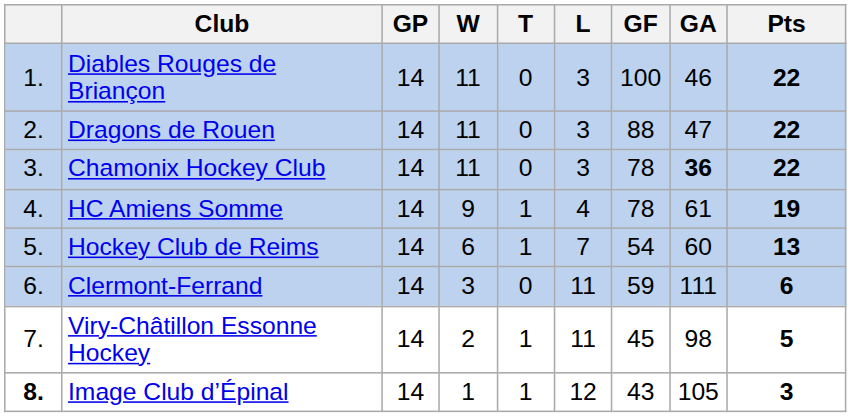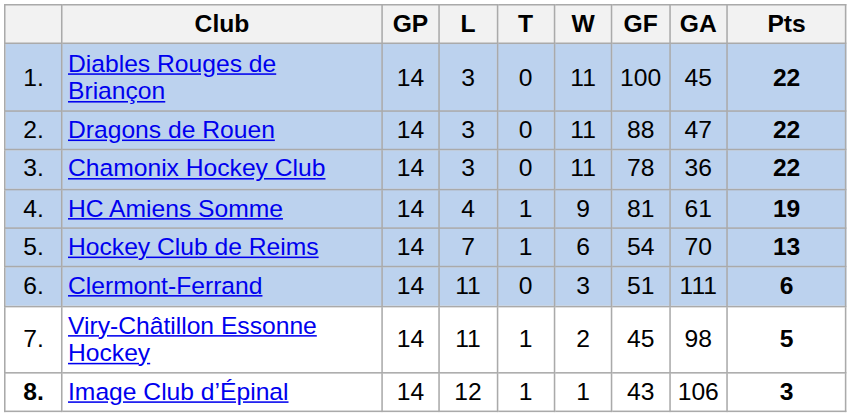 <table class="wikitable">
 <tr>
 <th width="30"></th>
 <th width="200">Club</th>
 <th width="30">GP</th>
+<th width="30">L</th>
+<th width="30">T</th>
 <th width="30">W</th>
-<th width="30">T</th>
-<th width="30">L</th>
 <th width="30">GF</th>
 <th width="30">GA</th>
 <th width="70">Pts</th>
 </tr>
 <tr bgcolor="#BCD2EE" align="center">
 <td>1.</td>
 <td align="left"><a href='#'>Diables Rouges de Briançon</a></td>
 <td>14</td>
+<td>3</td>
+<td>0</td>
 <td>11</td>
-<td>0</td>
-<td>3</td>
 <td>100</td>
-<td>46</td>
+<td>45</td>
 <td><strong>22</strong></td>
 </tr>
 <tr bgcolor="#BCD2EE" align="center">
 <td>2.</td>
 <td align="left"><a href='#'>Dragons de Rouen</a></td>
 <td>14</td>
+<td>3</td>
+<td>0</td>
 <td>11</td>
-<td>0</td>
-<td>3</td>
 <td>88</td>
 <td>47</td>
 <td><strong>22</strong></td>
 </tr>
 <tr bgcolor="#BCD2EE" align="center">
 <td>3.</td>
 <td align="left"><a href='#'>Chamonix Hockey Club</a></td>
 <td>14</td>
+<td>3</td>
+<td>0</td>
 <td>11</td>
-<td>0</td>
-<td>3</td>
 <td>78</td>
-<td><strong>36</strong></td>
+<td>36</td>
 <td><strong>22</strong></td>
 </tr>
 <tr bgcolor="#BCD2EE" align="center">
 <td>4.</td>
 <td align="left"><a href='#'>HC Amiens Somme</a></td>
 <td>14</td>
+<td>4</td>
+<td>1</td>
 <td>9</td>
-<td>1</td>
-<td>4</td>
-<td>78</td>
+<td>81</td>
 <td>61</td>
 <td><strong>19</strong></td>
 </tr>
 <tr bgcolor="#BCD2EE" align="center">
 <td>5.</td>
 <td align="left"><a href='#'>Hockey Club de Reims</a></td>
 <td>14</td>
+<td>7</td>
+<td>1</td>
 <td>6</td>
-<td>1</td>
-<td>7</td>
 <td>54</td>
-<td>60</td>
+<td>70</td>
 <td><strong>13</strong></td>
 </tr>
 <tr bgcolor="#BCD2EE" align="center">
 <td>6.</td>
 <td align="left"><a href='#'>Clermont-Ferrand</a></td>
 <td>14</td>
+<td>11</td>
+<td>0</td>
 <td>3</td>
-<td>0</td>
-<td>11</td>
-<td>59</td>
+<td>51</td>
 <td>111</td>
 <td><strong>6</strong></td>
 </tr>
 <tr bgcolor="#FFFFFF" align="center">
 <td>7.</td>
 <td align="left"><a href='#'>Viry-Châtillon Essonne Hockey&lrm;</a></td>
 <td>14</td>
+<td>11</td>
+<td>1</td>
 <td>2</td>
-<td>1</td>
-<td>11</td>
 <td>45</td>
 <td>98</td>
 <td><strong>5</strong></td>
 </tr>
 <tr bgcolor="#FFFFFF" align="center">
 <td><strong>8.</strong></td>
 <td align="left"><a href='#'>Image Club d’Épinal</a></td>
 <td>14</td>
+<td>12</td>
 <td>1</td>
 <td>1</td>
-<td>12</td>
 <td>43</td>
-<td>105</td>
+<td>106</td>
 <td><strong>3</strong></td>
 </tr>
 </table>
